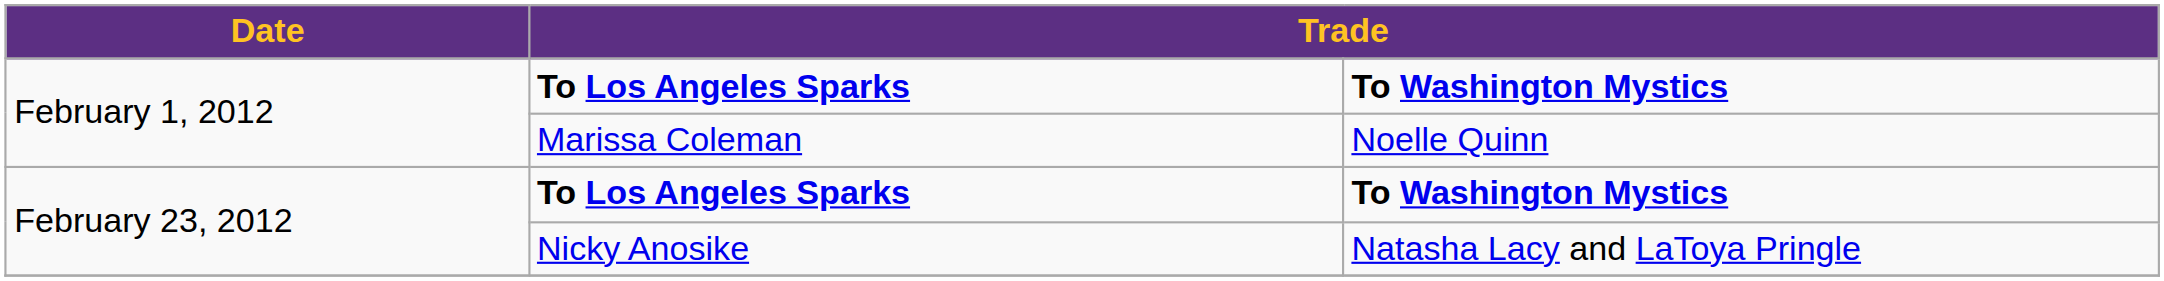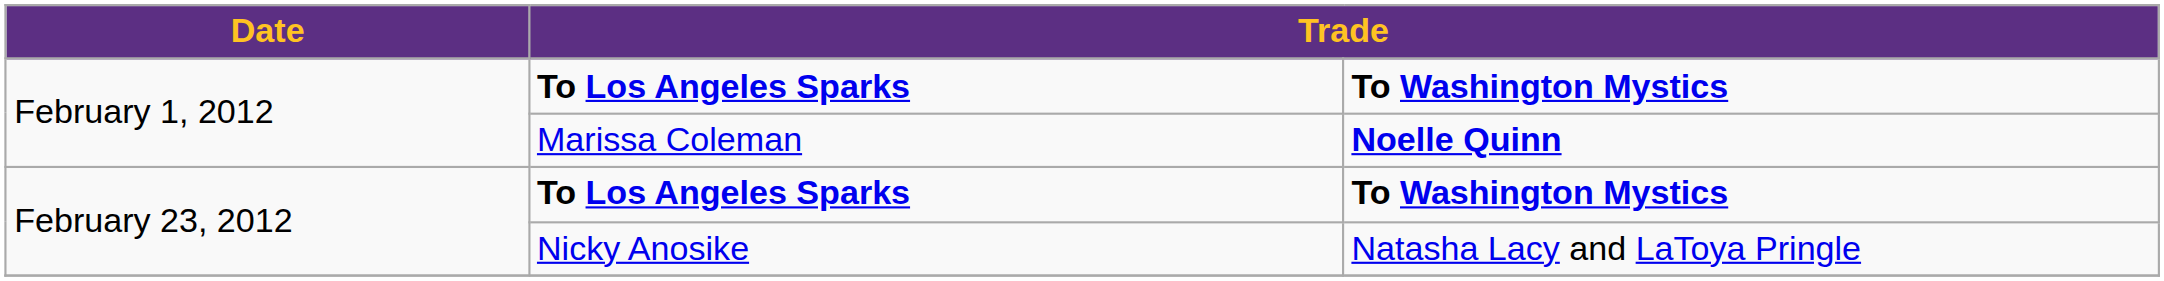 <table class="wikitable" style="width:80%; margin:1em auto;">
 <tr>
 <th style="background:#5c2f83;color:#FFC322; width=125">Date</th>
 <th style="background:#5c2f83;color:#FFC322;" colspan=2>Trade</th>
 </tr>
 <tr>
 <td rowspan=2>February 1, 2012</td>
 <td width=375><strong>To <a href='#'>Los Angeles Sparks</a></strong></td>
 <td width=375><strong>To <a href='#'>Washington Mystics</a></strong></td>
 </tr>
 <tr>
 <td><a href='#'>Marissa Coleman</a></td>
-<td><a href='#'>Noelle Quinn</a></td>
+<td><strong><a href='#'>Noelle Quinn</a></strong></td>
 </tr>
 <tr>
 <td rowspan=2>February 23, 2012</td>
 <td width=375><strong>To <a href='#'>Los Angeles Sparks</a></strong></td>
 <td width=375><strong>To <a href='#'>Washington Mystics</a></strong></td>
 </tr>
 <tr>
 <td><a href='#'>Nicky Anosike</a></td>
 <td><a href='#'>Natasha Lacy</a> and <a href='#'>LaToya Pringle</a></td>
 </tr>
 <tr>
 </tr>
 </table>
